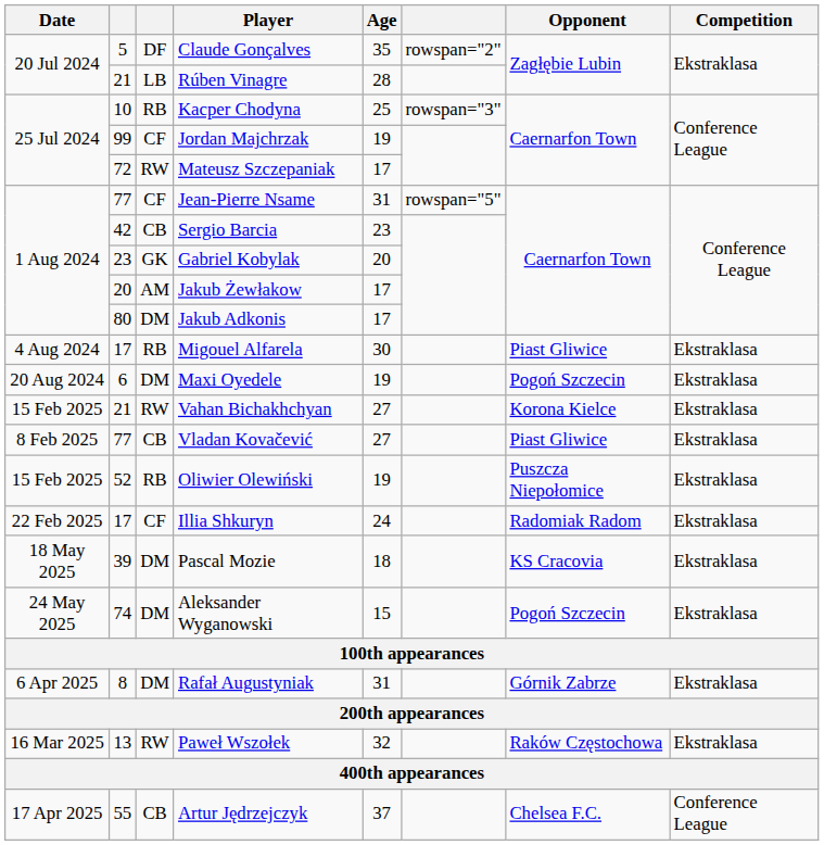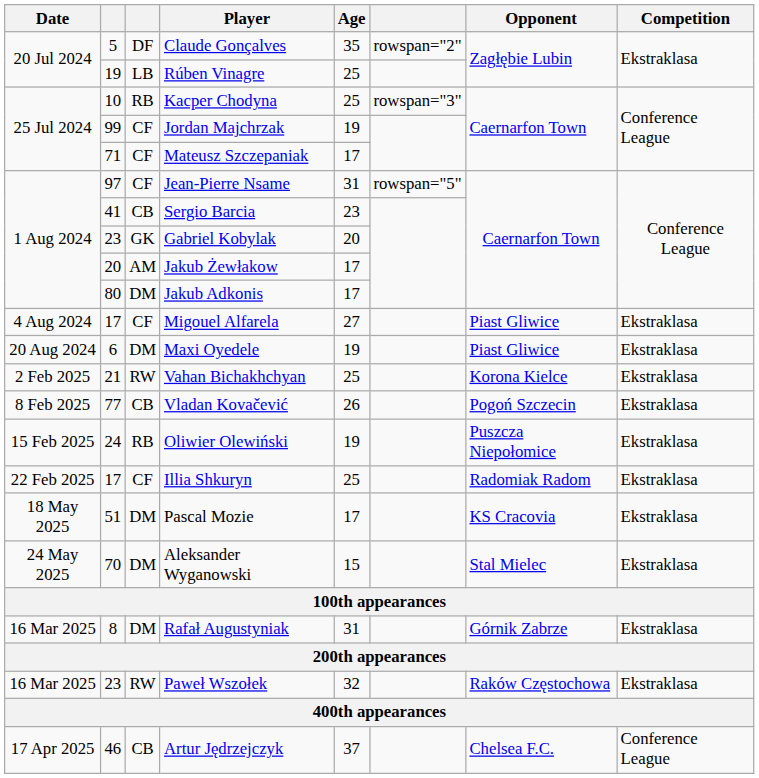 <table class="wikitable sortable" style="text-align:center; font-size:85%;">
 <tr>
 <th>Date</th>
 <th></th>
 <th></th>
 <th>Player</th>
 <th>Age</th>
 <th></th>
 <th>Opponent</th>
 <th>Competition</th>
 </tr>
 <tr>
 <td rowspan="2" data-sort-value="1">20 Jul 2024</td>
 <td>5</td>
 <td>DF</td>
 <td data-sort-value="Gonçalves" style="text-align:left;"> <a href='#'>Claude Gonçalves</a></td>
 <td>35</td>
 <td>rowspan="2" </td>
 <td rowspan="2" style="text-align:left;"><a href='#'>Zagłębie Lubin</a></td>
 <td rowspan="2" style="text-align:left;">Ekstraklasa</td>
 </tr>
 <tr>
-<td>21</td>
+<td>19</td>
 <td>LB</td>
 <td data-sort-value="Vinagre" style="text-align:left;"> <a href='#'>Rúben Vinagre</a></td>
-<td>28</td>
+<td>25</td>
 </tr>
 <tr>
 <td rowspan="3">25 Jul 2024</td>
 <td>10</td>
 <td>RB</td>
 <td data-sort-value="Chodyna" style="text-align:left;"> <a href='#'>Kacper Chodyna</a></td>
 <td>25</td>
 <td>rowspan="3" </td>
 <td rowspan="3" style="text-align:left;"><a href='#'>Caernarfon Town</a></td>
 <td rowspan="3" style="text-align:left;">Conference League</td>
 </tr>
 <tr>
 <td>99</td>
 <td>CF</td>
 <td data-sort-value="Majchrzak" style="text-align:left;"> <a href='#'>Jordan Majchrzak</a></td>
 <td>19</td>
 </tr>
 <tr>
-<td>72</td>
-<td>RW</td>
+<td>71</td>
+<td>CF</td>
 <td data-sort-value="Szczepaniak" style="text-align:left;"> <a href='#'>Mateusz Szczepaniak</a></td>
 <td>17</td>
 </tr>
 <tr>
 <td rowspan="5">1 Aug 2024</td>
-<td>77</td>
+<td>97</td>
 <td>CF</td>
 <td data-sort-value="Nsame" style="text-align:left;"> <a href='#'>Jean-Pierre Nsame</a></td>
 <td>31</td>
 <td>rowspan="5" </td>
 <td rowspan="5"><a href='#'>Caernarfon Town</a></td>
 <td rowspan="5">Conference League</td>
 </tr>
 <tr>
-<td>42</td>
+<td>41</td>
 <td>CB</td>
 <td data-sort-value="Barcia" style="text-align:left;"> <a href='#'>Sergio Barcia</a></td>
 <td>23</td>
 </tr>
 <tr>
 <td>23</td>
 <td>GK</td>
 <td data-sort-value="Kobylak" style="text-align:left;"> <a href='#'>Gabriel Kobylak</a></td>
 <td>20</td>
 </tr>
 <tr>
 <td>20</td>
 <td>AM</td>
 <td data-sort-value="Żewłakow" style="text-align:left;"> <a href='#'>Jakub Żewłakow</a></td>
 <td>17</td>
 </tr>
 <tr>
 <td>80</td>
 <td>DM</td>
 <td data-sort-value="Adkonis" style="text-align:left;"> <a href='#'>Jakub Adkonis</a></td>
 <td>17</td>
 </tr>
 <tr>
 <td>4 Aug 2024</td>
 <td>17</td>
-<td>RB</td>
+<td>CF</td>
 <td data-sort-value="Alfarela" style="text-align:left;"> <a href='#'>Migouel Alfarela</a></td>
-<td>30</td>
+<td>27</td>
 <td></td>
 <td style="text-align:left;"><a href='#'>Piast Gliwice</a></td>
 <td style="text-align:left;">Ekstraklasa</td>
 </tr>
 <tr>
 <td>20 Aug 2024</td>
 <td>6</td>
 <td>DM</td>
 <td data-sort-value="Oyedele" style="text-align:left;"> <a href='#'>Maxi Oyedele</a></td>
 <td>19</td>
 <td></td>
-<td style="text-align:left;"><a href='#'>Pogoń Szczecin</a></td>
+<td style="text-align:left;"><a href='#'>Piast Gliwice</a></td>
 <td style="text-align:left;">Ekstraklasa</td>
 </tr>
 <tr>
-<td>15 Feb 2025</td>
+<td>2 Feb 2025</td>
 <td>21</td>
 <td>RW</td>
 <td data-sort-value="Bichakhchyan" style="text-align:left;"> <a href='#'>Vahan Bichakhchyan</a></td>
-<td>27</td>
+<td>25</td>
 <td></td>
 <td style="text-align:left;"><a href='#'>Korona Kielce</a></td>
 <td style="text-align:left;">Ekstraklasa</td>
 </tr>
 <tr>
 <td>8 Feb 2025</td>
 <td>77</td>
 <td>CB</td>
 <td data-sort-value="Kovačević" style="text-align:left;"> <a href='#'>Vladan Kovačević</a></td>
-<td>27</td>
+<td>26</td>
 <td></td>
-<td style="text-align:left;"><a href='#'>Piast Gliwice</a></td>
+<td style="text-align:left;"><a href='#'>Pogoń Szczecin</a></td>
 <td style="text-align:left;">Ekstraklasa</td>
 </tr>
 <tr>
 <td>15 Feb 2025</td>
-<td>52</td>
+<td>24</td>
 <td>RB</td>
 <td data-sort-value="Olewiński" style="text-align:left;"> <a href='#'>Oliwier Olewiński</a></td>
 <td>19</td>
 <td></td>
 <td style="text-align:left;"><a href='#'>Puszcza Niepołomice</a></td>
 <td style="text-align:left;">Ekstraklasa</td>
 </tr>
 <tr>
 <td>22 Feb 2025</td>
 <td>17</td>
 <td>CF</td>
 <td data-sort-value="Shkurin" style="text-align:left;"> <a href='#'>Illia Shkuryn</a></td>
-<td>24</td>
+<td>25</td>
 <td></td>
 <td style="text-align:left;"><a href='#'>Radomiak Radom</a></td>
 <td style="text-align:left;">Ekstraklasa</td>
 </tr>
 <tr>
 <td>18 May 2025</td>
-<td>39</td>
+<td>51</td>
 <td>DM</td>
 <td data-sort-value="Mozie" style="text-align: left;"> Pascal Mozie</td>
-<td>18</td>
+<td>17</td>
 <td></td>
 <td style="text-align: left;"><a href='#'>KS Cracovia</a></td>
 <td style="text-align: left;">Ekstraklasa</td>
 </tr>
 <tr>
 <td>24 May 2025</td>
-<td>74</td>
+<td>70</td>
 <td>DM</td>
 <td data-sort-value="Wyganowski" style="text-align: left;"> Aleksander Wyganowski</td>
 <td>15</td>
 <td></td>
-<td style="text-align:left;"><a href='#'>Pogoń Szczecin</a></td>
+<td style="text-align: left;"><a href='#'>Stal Mielec</a></td>
 <td style="text-align: left;">Ekstraklasa</td>
 </tr>
 <tr>
 <th colspan="10">100th appearances</th>
 </tr>
 <tr>
-<td>6 Apr 2025</td>
+<td>16 Mar 2025</td>
 <td>8</td>
 <td>DM</td>
 <td data-sort-value="Augustyniak" style="text-align:left;"> <a href='#'>Rafał Augustyniak</a></td>
 <td>31</td>
 <td></td>
 <td style="text-align:left;"><a href='#'>Górnik Zabrze</a></td>
 <td style="text-align:left;">Ekstraklasa</td>
 </tr>
 <tr>
 <th colspan="10">200th appearances</th>
 </tr>
 <tr>
 <td>16 Mar 2025</td>
-<td>13</td>
+<td>23</td>
 <td>RW</td>
 <td data-sort-value="Wszołek" style="text-align:left;"> <a href='#'>Paweł Wszołek</a></td>
 <td>32</td>
 <td></td>
 <td style="text-align:left;"><a href='#'>Raków Częstochowa</a></td>
 <td style="text-align:left;">Ekstraklasa</td>
 </tr>
 <tr>
 <th colspan="10">400th appearances</th>
 </tr>
 <tr>
 <td>17 Apr 2025</td>
-<td>55</td>
+<td>46</td>
 <td>CB</td>
 <td data-sort-value="Jędrzejczyk" style="text-align:left;"> <a href='#'>Artur Jędrzejczyk</a></td>
 <td>37</td>
 <td></td>
 <td style="text-align:left;"><a href='#'>Chelsea F.C.</a></td>
 <td style="text-align:left;">Conference League</td>
 </tr>
 </table>
